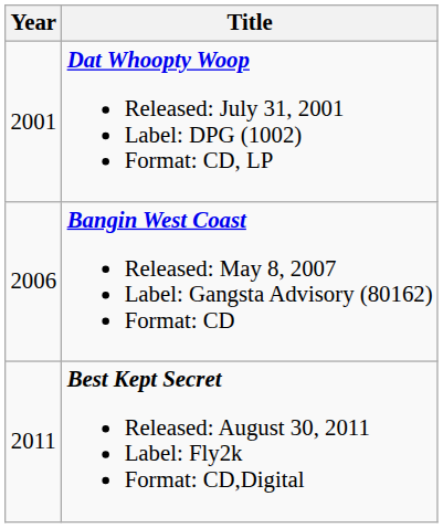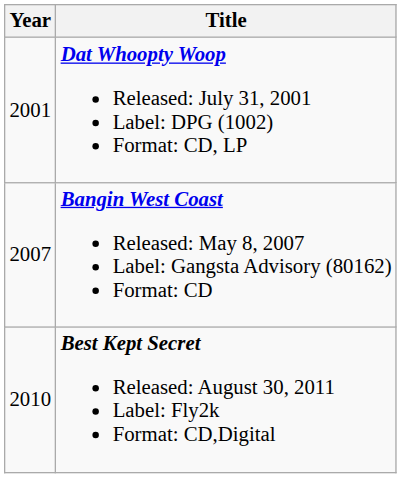 <table class="wikitable">
 <tr>
 <th align=center>Year</th>
 <th align=center>Title</th>
 </tr>
 <tr>
 <td align=center>2001</td>
 <td align=left><strong><em><a href='#'>Dat Whoopty Woop</a></em></strong><br><ul><li>Released: July 31, 2001</li><li>Label: DPG (1002)</li><li>Format: CD, LP</li></ul></td>
 </tr>
 <tr>
-<td align=center>2006</td>
+<td align=center>2007</td>
 <td><strong><em><a href='#'>Bangin West Coast</a></em></strong><br><ul><li>Released: May 8, 2007</li><li>Label: Gangsta Advisory (80162)</li><li>Format: CD</li></ul></td>
 </tr>
 <tr>
-<td align=center>2011</td>
+<td align=center>2010</td>
 <td align=left><strong><em>Best Kept Secret</em></strong><br><ul><li>Released: August 30, 2011</li><li>Label: Fly2k</li><li>Format: CD,Digital</li></ul></td>
 </tr>
 </table>
